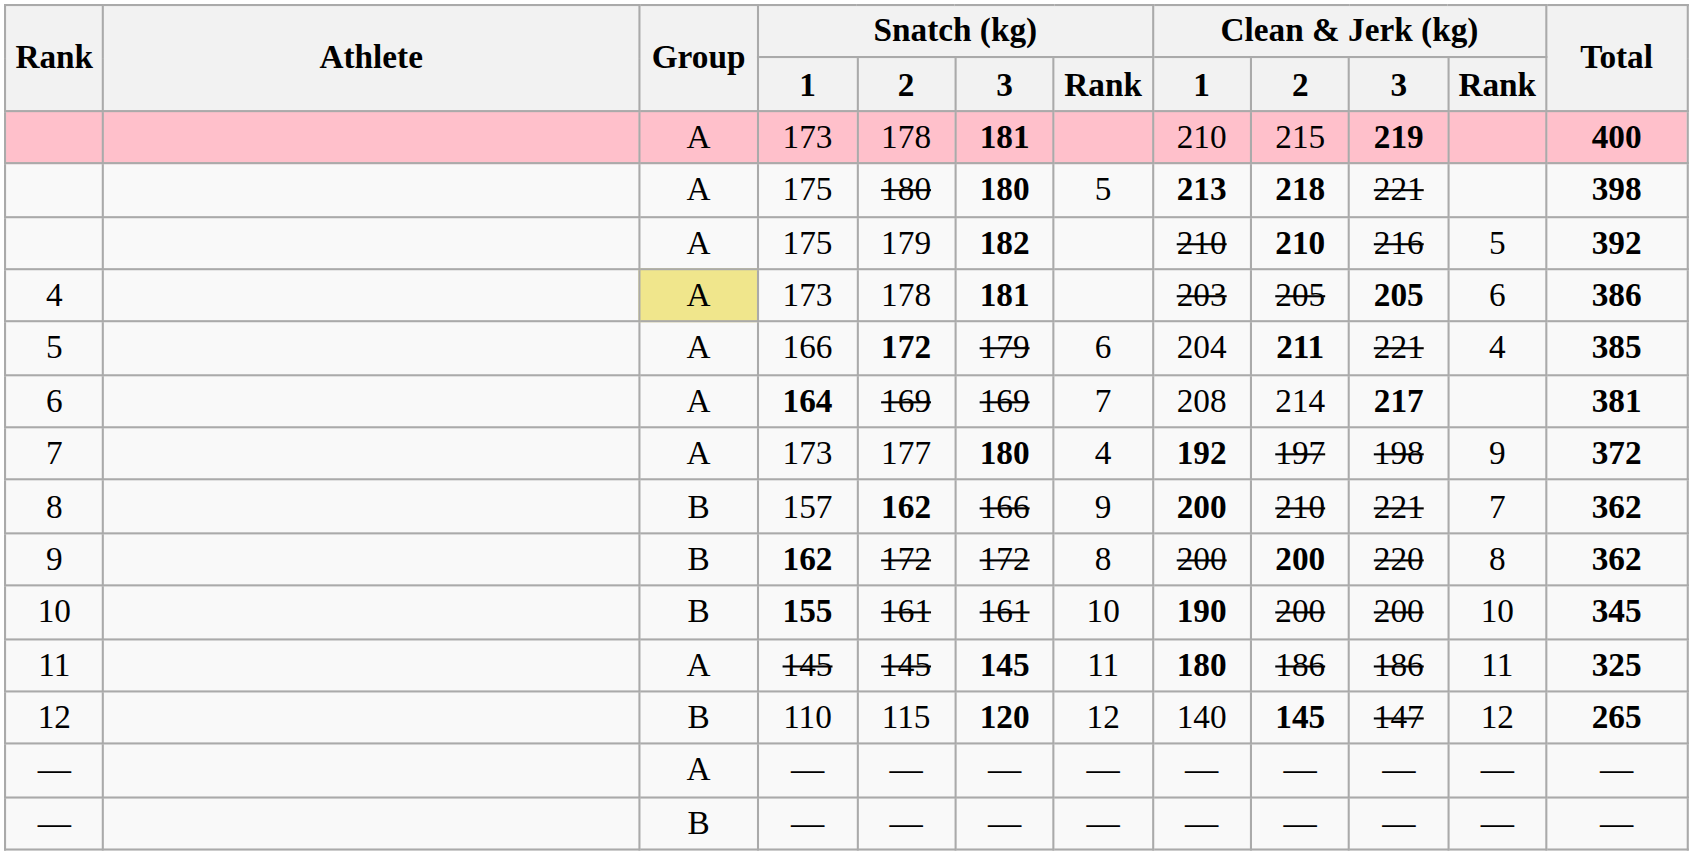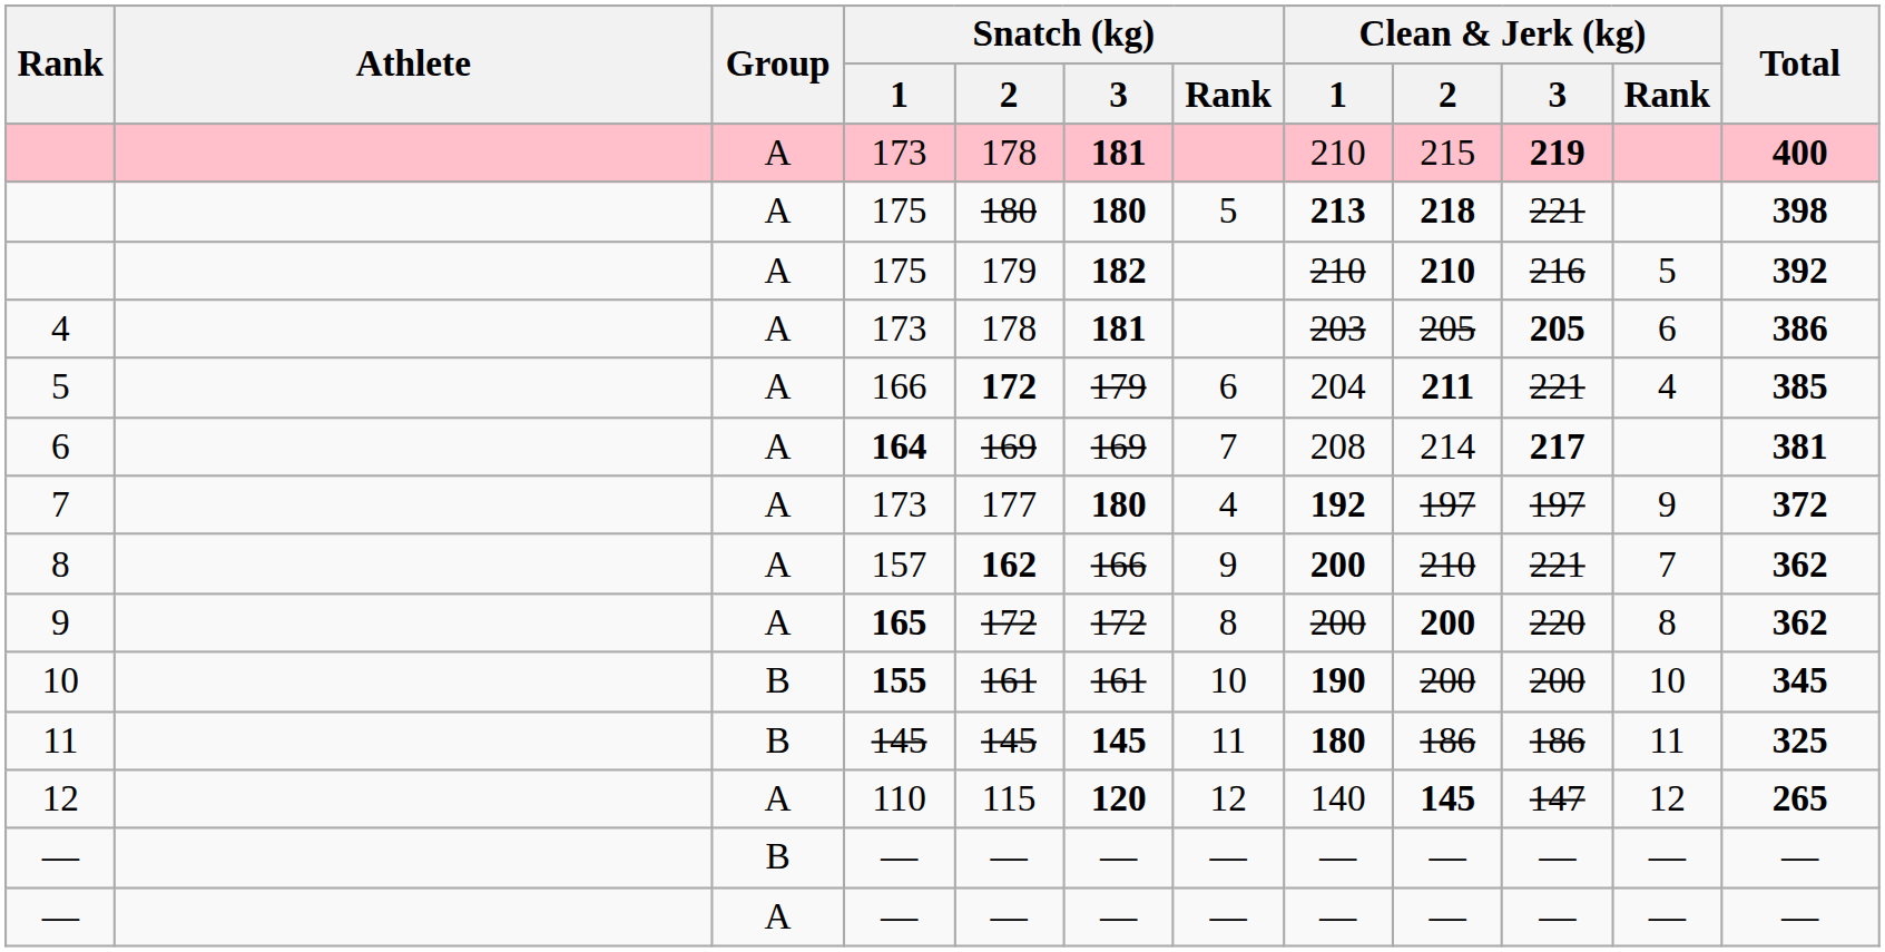 <table class = "wikitable" style="text-align:center;">
 <tr>
 <th rowspan=2 width=40>Rank</th>
 <th rowspan=2 width=250>Athlete</th>
 <th rowspan=2 width=50>Group</th>
 <th colspan=4>Snatch (kg)</th>
 <th colspan=4>Clean & Jerk (kg)</th>
 <th rowspan=2 width=60>Total</th>
 </tr>
 <tr>
 <th width=40>1</th>
 <th width=40>2</th>
 <th width=40>3</th>
 <th width=40>Rank</th>
 <th width=40>1</th>
 <th width=40>2</th>
 <th width=40>3</th>
 <th width=40>Rank</th>
 </tr>
 <tr bgcolor=pink>
 <td></td>
 <td align=left></td>
 <td>A</td>
 <td>173</td>
 <td>178</td>
 <td><strong>181</strong></td>
 <td></td>
 <td>210</td>
 <td>215</td>
 <td><strong>219</strong></td>
 <td></td>
 <td><strong>400</strong></td>
 </tr>
 <tr>
 <td></td>
 <td align=left></td>
 <td>A</td>
 <td>175</td>
 <td><s>180</s></td>
 <td><strong>180</strong></td>
 <td>5</td>
 <td><strong>213</strong></td>
 <td><strong>218</strong></td>
 <td><s>221</s></td>
 <td></td>
 <td><strong>398</strong></td>
 </tr>
 <tr>
 <td></td>
 <td align=left></td>
 <td>A</td>
 <td>175</td>
 <td>179</td>
 <td><strong>182</strong></td>
 <td></td>
 <td><s>210</s></td>
 <td><strong>210</strong></td>
 <td><s>216</s></td>
 <td>5</td>
 <td><strong>392</strong></td>
 </tr>
 <tr>
 <td>4</td>
 <td align=left></td>
-<td style="background: khaki;">A</td>
+<td>A</td>
 <td>173</td>
 <td>178</td>
 <td><strong>181</strong></td>
 <td></td>
 <td><s>203</s></td>
 <td><s>205</s></td>
 <td><strong>205</strong></td>
 <td>6</td>
 <td><strong>386</strong></td>
 </tr>
 <tr>
 <td>5</td>
 <td align=left></td>
 <td>A</td>
 <td>166</td>
 <td><strong>172</strong></td>
 <td><s>179</s></td>
 <td>6</td>
 <td>204</td>
 <td><strong>211</strong></td>
 <td><s>221</s></td>
 <td>4</td>
 <td><strong>385</strong></td>
 </tr>
 <tr>
 <td>6</td>
 <td align=left></td>
 <td>A</td>
 <td><strong>164</strong></td>
 <td><s>169</s></td>
 <td><s>169</s></td>
 <td>7</td>
 <td>208</td>
 <td>214</td>
 <td><strong>217</strong></td>
 <td></td>
 <td><strong>381</strong></td>
 </tr>
 <tr>
 <td>7</td>
 <td align=left></td>
 <td>A</td>
 <td>173</td>
 <td>177</td>
 <td><strong>180</strong></td>
 <td>4</td>
 <td><strong>192</strong></td>
 <td><s>197</s></td>
-<td><s>198</s></td>
+<td><s>197</s></td>
 <td>9</td>
 <td><strong>372</strong></td>
 </tr>
 <tr>
 <td>8</td>
 <td align=left></td>
-<td>B</td>
+<td>A</td>
 <td>157</td>
 <td><strong>162</strong></td>
 <td><s>166</s></td>
 <td>9</td>
 <td><strong>200</strong></td>
 <td><s>210</s></td>
 <td><s>221</s></td>
 <td>7</td>
 <td><strong>362</strong></td>
 </tr>
 <tr>
 <td>9</td>
 <td align=left></td>
-<td>B</td>
-<td><strong>162</strong></td>
+<td>A</td>
+<td><strong>165</strong></td>
 <td><s>172</s></td>
 <td><s>172</s></td>
 <td>8</td>
 <td><s>200</s></td>
 <td><strong>200</strong></td>
 <td><s>220</s></td>
 <td>8</td>
 <td><strong>362</strong></td>
 </tr>
 <tr>
 <td>10</td>
 <td align=left></td>
 <td>B</td>
 <td><strong>155</strong></td>
 <td><s>161</s></td>
 <td><s>161</s></td>
 <td>10</td>
 <td><strong>190</strong></td>
 <td><s>200</s></td>
 <td><s>200</s></td>
 <td>10</td>
 <td><strong>345</strong></td>
 </tr>
 <tr>
 <td>11</td>
 <td align=left></td>
-<td>A</td>
+<td>B</td>
 <td><s>145</s></td>
 <td><s>145</s></td>
 <td><strong>145</strong></td>
 <td>11</td>
 <td><strong>180</strong></td>
 <td><s>186</s></td>
 <td><s>186</s></td>
 <td>11</td>
 <td><strong>325</strong></td>
 </tr>
 <tr>
 <td>12</td>
 <td align=left></td>
-<td>B</td>
+<td>A</td>
 <td>110</td>
 <td>115</td>
 <td><strong>120</strong></td>
 <td>12</td>
 <td>140</td>
 <td><strong>145</strong></td>
 <td><s>147</s></td>
 <td>12</td>
 <td><strong>265</strong></td>
+</tr>
+<tr>
+<td>—</td>
+<td align=left></td>
+<td>B</td>
+<td>—</td>
+<td>—</td>
+<td>—</td>
+<td>—</td>
+<td>—</td>
+<td>—</td>
+<td>—</td>
+<td>—</td>
+<td>—</td>
 </tr>
 <tr>
 <td>—</td>
 <td align=left></td>
 <td>A</td>
 <td>—</td>
 <td>—</td>
 <td>—</td>
 <td>—</td>
 <td>—</td>
 <td>—</td>
 <td>—</td>
 <td>—</td>
 <td>—</td>
 </tr>
-<tr>
-<td>—</td>
-<td align=left></td>
-<td>B</td>
-<td>—</td>
-<td>—</td>
-<td>—</td>
-<td>—</td>
-<td>—</td>
-<td>—</td>
-<td>—</td>
-<td>—</td>
-<td>—</td>
-</tr>
 </table>
